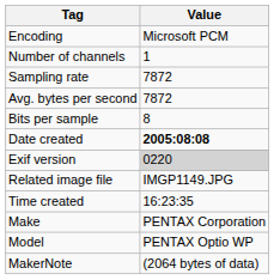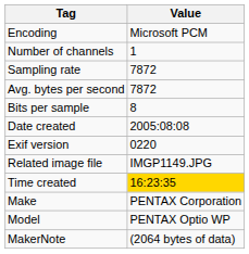 <table class="wikitable" style="margin:auto;">
 <tr>
 <th>Tag</th>
 <th>Value</th>
 </tr>
 <tr>
 <td>Encoding</td>
 <td>Microsoft PCM</td>
 </tr>
 <tr>
 <td>Number of channels</td>
 <td>1</td>
 </tr>
 <tr>
 <td>Sampling rate</td>
 <td>7872</td>
 </tr>
 <tr>
 <td>Avg. bytes per second</td>
 <td>7872</td>
 </tr>
 <tr>
 <td>Bits per sample</td>
 <td>8</td>
 </tr>
 <tr>
 <td>Date created</td>
-<td><strong>2005:08:08</strong></td>
+<td>2005:08:08</td>
 </tr>
 <tr>
 <td>Exif version</td>
-<td style="background: lightgrey;">0220</td>
+<td>0220</td>
 </tr>
 <tr>
 <td>Related image file</td>
 <td>IMGP1149.JPG</td>
 </tr>
 <tr>
 <td>Time created</td>
-<td>16:23:35</td>
+<td style="background: gold;">16:23:35</td>
 </tr>
 <tr>
 <td>Make</td>
 <td>PENTAX Corporation</td>
 </tr>
 <tr>
 <td>Model</td>
 <td>PENTAX Optio WP</td>
 </tr>
 <tr>
 <td>MakerNote</td>
 <td>(2064 bytes of data)</td>
 </tr>
 </table>
